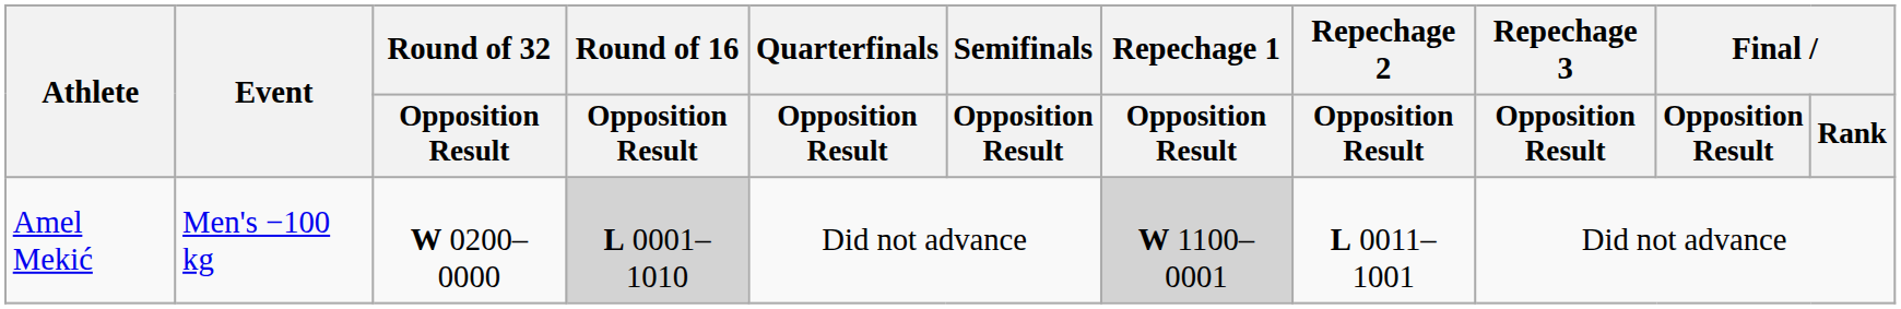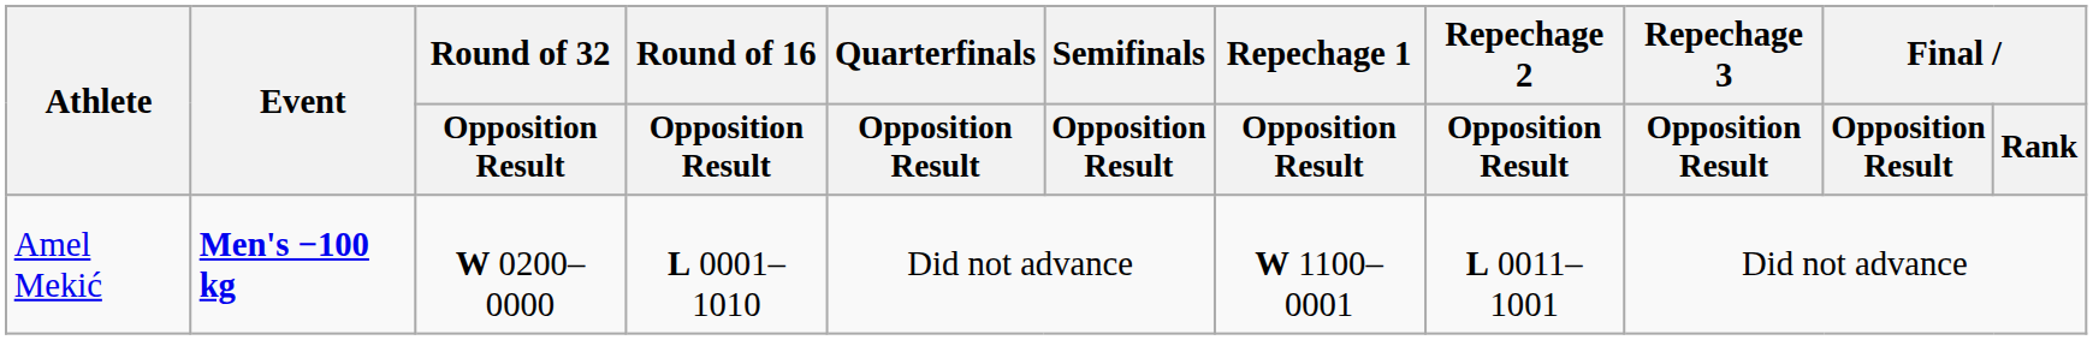 <table class="wikitable" style="font-size:90%">
 <tr>
 <th rowspan="2">Athlete</th>
 <th rowspan="2">Event</th>
 <th>Round of 32</th>
 <th>Round of 16</th>
 <th>Quarterfinals</th>
 <th>Semifinals</th>
 <th>Repechage 1</th>
 <th>Repechage 2</th>
 <th>Repechage 3</th>
 <th colspan=2>Final / </th>
 </tr>
 <tr style="font-size:95%">
 <th>Opposition<br>Result</th>
 <th>Opposition<br>Result</th>
 <th>Opposition<br>Result</th>
 <th>Opposition<br>Result</th>
 <th>Opposition<br>Result</th>
 <th>Opposition<br>Result</th>
 <th>Opposition<br>Result</th>
 <th>Opposition<br>Result</th>
 <th>Rank</th>
 </tr>
 <tr align=center>
 <td align=left><a href='#'>Amel Mekić</a></td>
-<td align=left><a href='#'>Men's −100 kg</a></td>
+<td align=left><strong><a href='#'>Men's −100 kg</a></strong></td>
 <td><br><strong>W</strong> 0200–0000</td>
-<td style="background: lightgrey;"><br><strong>L</strong> 0001–1010</td>
+<td><br><strong>L</strong> 0001–1010</td>
 <td colspan=2>Did not advance</td>
-<td style="background: lightgrey;"><br><strong>W</strong> 1100–0001</td>
+<td><br><strong>W</strong> 1100–0001</td>
 <td><br><strong>L</strong> 0011–1001</td>
 <td colspan=3>Did not advance</td>
 </tr>
 </table>
